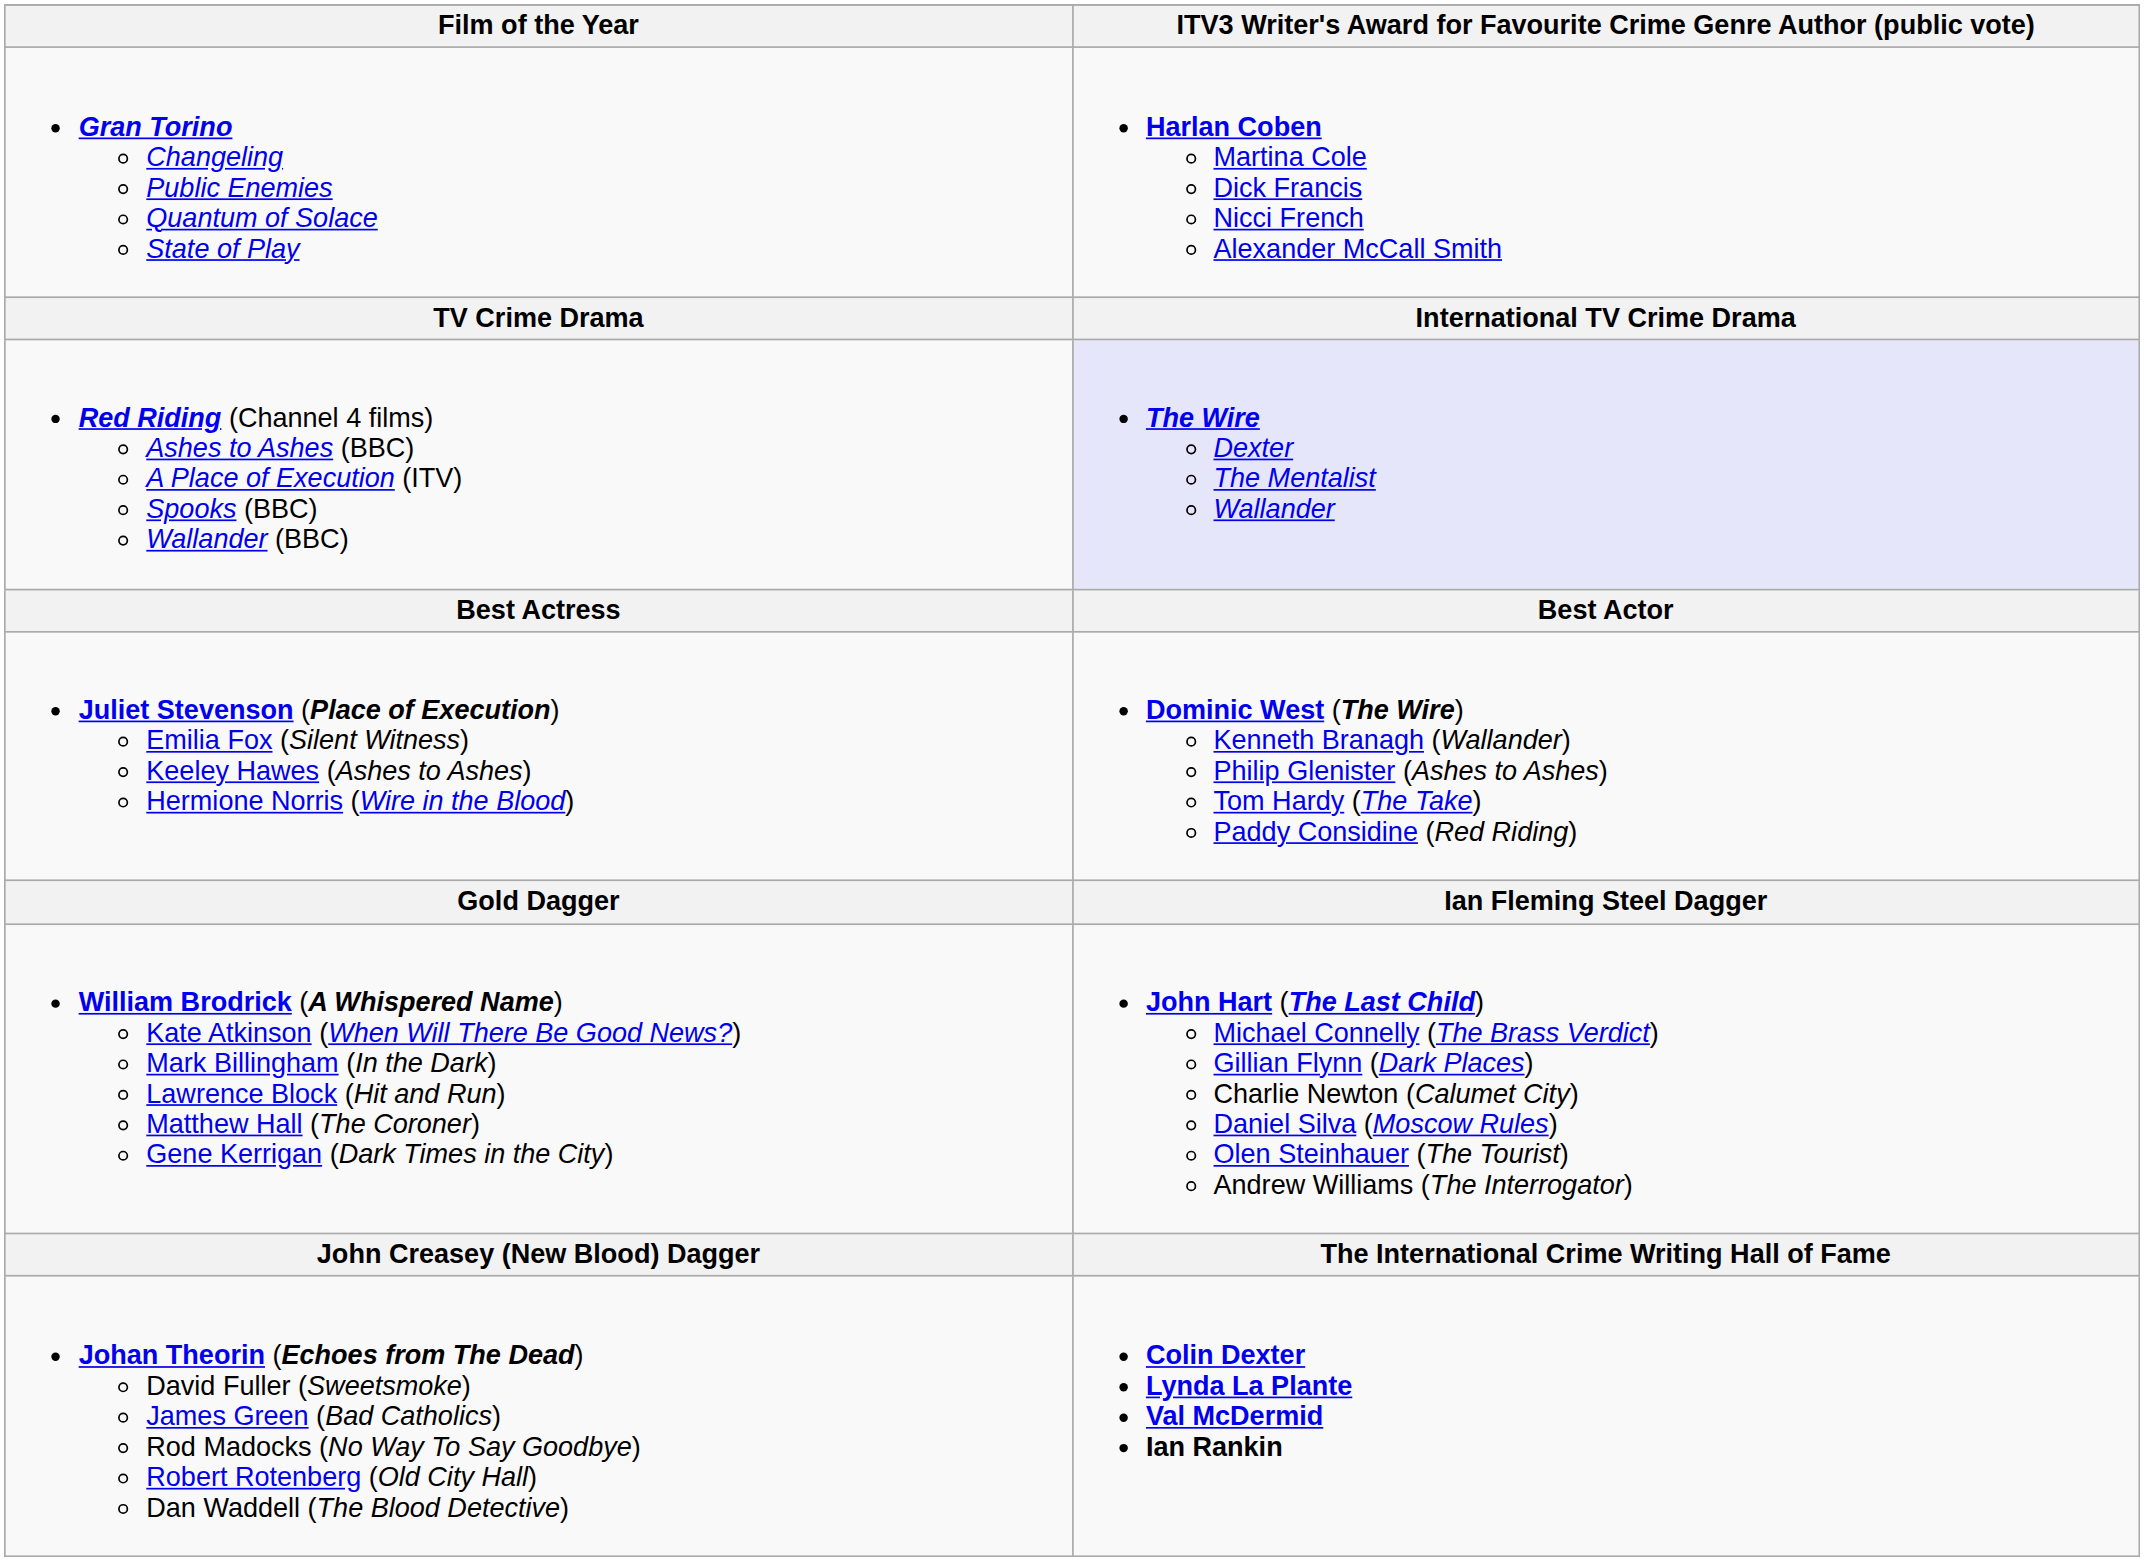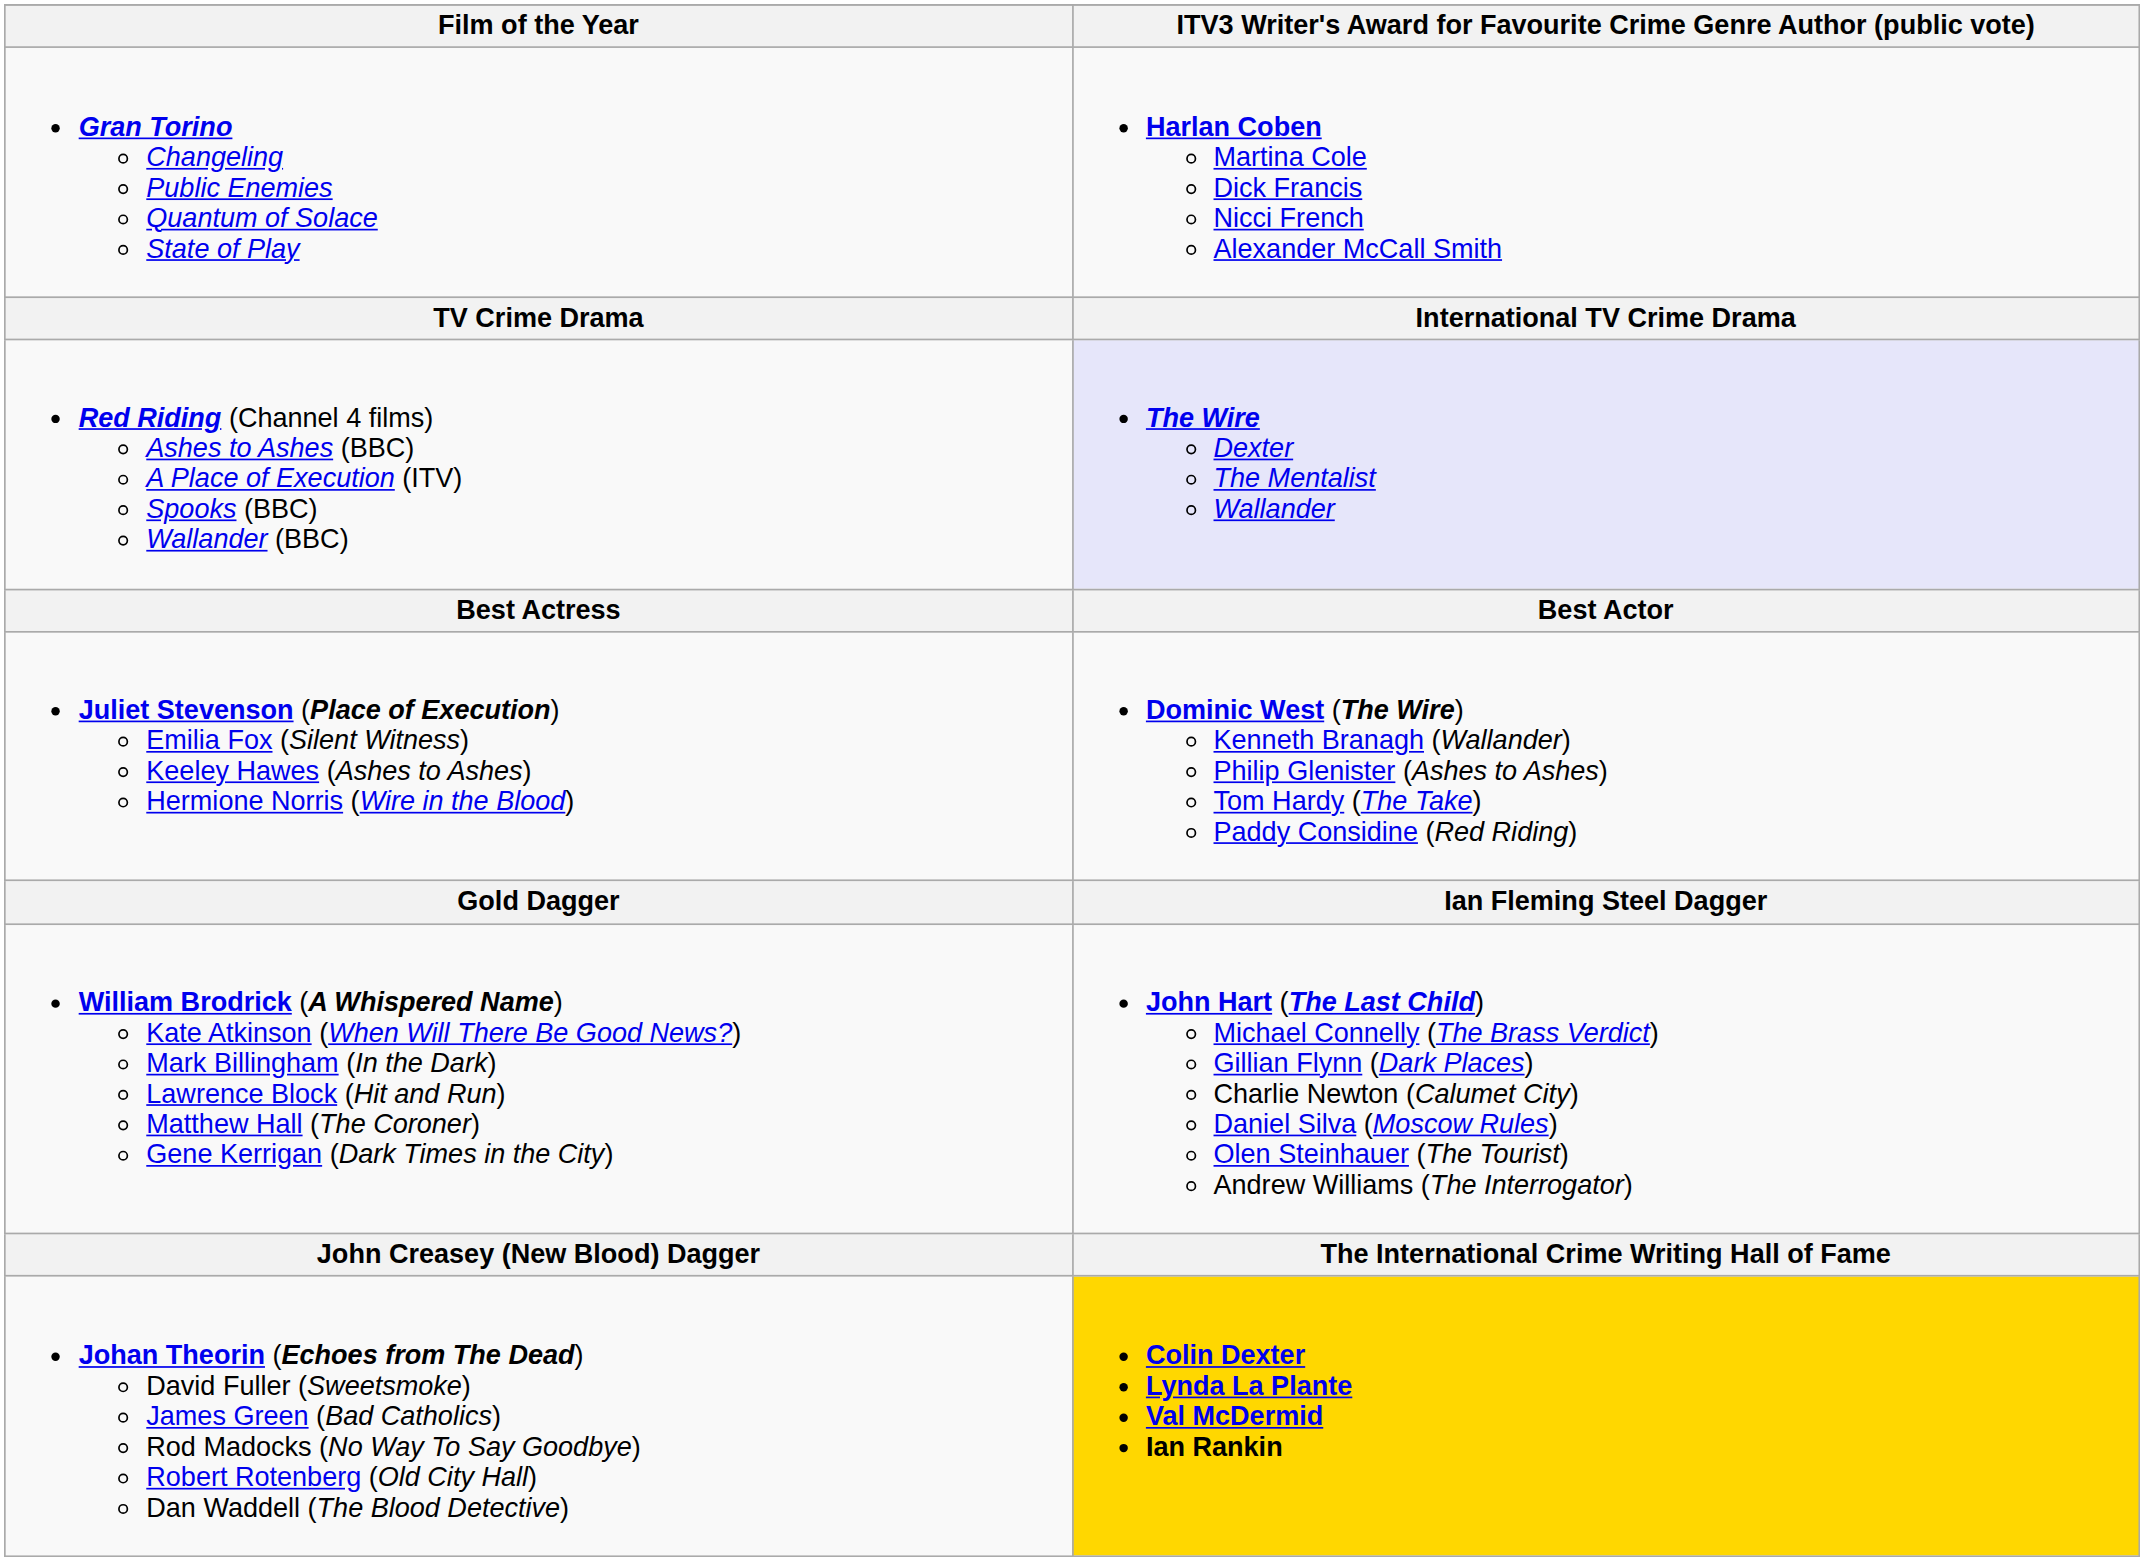 <table class="wikitable" width="100%">
 <tr>
 </tr>
 <tr>
 <th width="50%">Film of the Year</th>
 <th width="50%">ITV3 Writer's Award for Favourite Crime Genre Author (public vote)</th>
 </tr>
 <tr>
 <td valign="top"><br><ul><li><strong><em><a href='#'>Gran Torino</a></em></strong><ul><li><em><a href='#'>Changeling</a></em></li><li><em><a href='#'>Public Enemies</a></em></li><li><em><a href='#'>Quantum of Solace</a></em></li><li><em><a href='#'>State of Play</a></em></li></ul></li></ul></td>
 <td valign="top"><br><ul><li><strong><a href='#'>Harlan Coben</a></strong><ul><li><a href='#'>Martina Cole</a></li><li><a href='#'>Dick Francis</a></li><li><a href='#'>Nicci French</a></li><li><a href='#'>Alexander McCall Smith</a></li></ul></li></ul></td>
 </tr>
 <tr>
 <th width="50%">TV Crime Drama</th>
 <th width="50%">International TV Crime Drama</th>
 </tr>
 <tr>
 <td valign="top"><br><ul><li><strong><em><a href='#'>Red Riding</a></em></strong> (Channel 4 films)<ul><li><em><a href='#'>Ashes to Ashes</a></em> (BBC)</li><li><em><a href='#'>A Place of Execution</a></em> (ITV)</li><li><em><a href='#'>Spooks</a></em> (BBC)</li><li><em><a href='#'>Wallander</a></em> (BBC)</li></ul></li></ul></td>
 <td valign="top" style="background: lavender;"><br><ul><li><strong><em><a href='#'>The Wire</a></em></strong><ul><li><em><a href='#'>Dexter</a></em></li><li><em><a href='#'>The Mentalist</a></em></li><li><em><a href='#'>Wallander</a></em></li></ul></li></ul></td>
 </tr>
 <tr>
 <th width="50%">Best Actress</th>
 <th width="50%">Best Actor</th>
 </tr>
 <tr>
 <td valign="top"><br><ul><li><strong><a href='#'>Juliet Stevenson</a></strong> (<strong><em>Place of Execution</em></strong>)<ul><li><a href='#'>Emilia Fox</a> (<em>Silent Witness</em>)</li><li><a href='#'>Keeley Hawes</a> (<em>Ashes to Ashes</em>)</li><li><a href='#'>Hermione Norris</a> (<em><a href='#'>Wire in the Blood</a></em>)</li></ul></li></ul></td>
 <td valign="top"><br><ul><li><strong><a href='#'>Dominic West</a></strong> (<strong><em>The Wire</em></strong>)<ul><li><a href='#'>Kenneth Branagh</a> (<em>Wallander</em>)</li><li><a href='#'>Philip Glenister</a> (<em>Ashes to Ashes</em>)</li><li><a href='#'>Tom Hardy</a> (<em><a href='#'>The Take</a></em>)</li><li><a href='#'>Paddy Considine</a> (<em>Red Riding</em>)</li></ul></li></ul></td>
 </tr>
 <tr>
 <th width="50%">Gold Dagger</th>
 <th width="50%">Ian Fleming Steel Dagger</th>
 </tr>
 <tr>
 <td valign="top"><br><ul><li><strong><a href='#'>William Brodrick</a></strong> (<strong><em>A Whispered Name</em></strong>)<ul><li><a href='#'>Kate Atkinson</a> (<em><a href='#'>When Will There Be Good News?</a></em>)</li><li><a href='#'>Mark Billingham</a> (<em>In the Dark</em>)</li><li><a href='#'>Lawrence Block</a> (<em>Hit and Run</em>)</li><li><a href='#'>Matthew Hall</a> (<em>The Coroner</em>)</li><li><a href='#'>Gene Kerrigan</a> (<em>Dark Times in the City</em>)</li></ul></li></ul></td>
 <td valign="top"><br><ul><li><strong><a href='#'>John Hart</a></strong> (<strong><em><a href='#'>The Last Child</a></em></strong>)<ul><li><a href='#'>Michael Connelly</a> (<em><a href='#'>The Brass Verdict</a></em>)</li><li><a href='#'>Gillian Flynn</a> (<em><a href='#'>Dark Places</a></em>)</li><li>Charlie Newton (<em>Calumet City</em>)</li><li><a href='#'>Daniel Silva</a> (<em><a href='#'>Moscow Rules</a></em>)</li><li><a href='#'>Olen Steinhauer</a> (<em>The Tourist</em>)</li><li>Andrew Williams (<em>The Interrogator</em>)</li></ul></li></ul></td>
 </tr>
 <tr>
 <th width="50%">John Creasey (New Blood) Dagger</th>
 <th width="50%">The International Crime Writing Hall of Fame</th>
 </tr>
 <tr>
 <td valign="top"><br><ul><li><strong><a href='#'>Johan Theorin</a></strong> (<strong><em>Echoes from The Dead</em></strong>)<ul><li>David Fuller (<em>Sweetsmoke</em>)</li><li><a href='#'>James Green</a> (<em>Bad Catholics</em>)</li><li>Rod Madocks (<em>No Way To Say Goodbye</em>)</li><li><a href='#'>Robert Rotenberg</a> (<em>Old City Hall</em>)</li><li>Dan Waddell (<em>The Blood Detective</em>)</li></ul></li></ul></td>
-<td valign="top"><br><ul><li><strong><a href='#'>Colin Dexter</a></strong></li><li><strong><a href='#'>Lynda La Plante</a></strong></li><li><strong><a href='#'>Val McDermid</a></strong></li><li><strong>Ian Rankin</strong></li></ul></td>
+<td valign="top" style="background: gold;"><br><ul><li><strong><a href='#'>Colin Dexter</a></strong></li><li><strong><a href='#'>Lynda La Plante</a></strong></li><li><strong><a href='#'>Val McDermid</a></strong></li><li><strong>Ian Rankin</strong></li></ul></td>
 </tr>
 </table>
